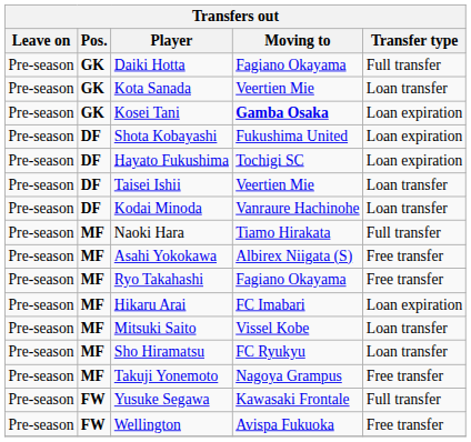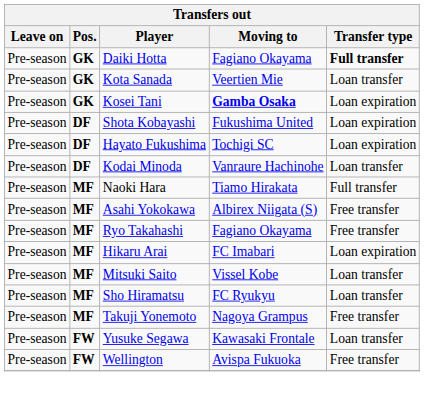 <table class="wikitable sortable" style=“text-align:left;>
 <tr>
 <th colspan="5">Transfers out</th>
 </tr>
 <tr>
 <th>Leave on</th>
 <th>Pos.</th>
 <th>Player</th>
 <th>Moving to</th>
 <th>Transfer type</th>
 </tr>
 <tr>
 <td>Pre-season</td>
 <td><strong>GK</strong></td>
 <td> <a href='#'>Daiki Hotta</a></td>
 <td> <a href='#'>Fagiano Okayama</a></td>
-<td>Full transfer</td>
+<td><strong>Full transfer</strong></td>
 </tr>
 <tr>
 <td>Pre-season</td>
 <td><strong>GK</strong></td>
 <td> <a href='#'>Kota Sanada</a></td>
 <td> <a href='#'>Veertien Mie</a></td>
 <td>Loan transfer</td>
 </tr>
 <tr>
 <td>Pre-season</td>
 <td><strong>GK</strong></td>
 <td> <a href='#'>Kosei Tani</a></td>
 <td><strong> <a href='#'>Gamba Osaka</a></strong></td>
 <td>Loan expiration</td>
 </tr>
 <tr>
 <td>Pre-season</td>
 <td><strong>DF</strong></td>
 <td> <a href='#'>Shota Kobayashi</a></td>
 <td> <a href='#'>Fukushima United</a></td>
 <td>Loan expiration</td>
 </tr>
 <tr>
 <td>Pre-season</td>
 <td><strong>DF</strong></td>
 <td> <a href='#'>Hayato Fukushima</a></td>
 <td> <a href='#'>Tochigi SC</a></td>
 <td>Loan expiration</td>
-</tr>
-<tr>
-<td>Pre-season</td>
-<td><strong>DF</strong></td>
-<td> <a href='#'>Taisei Ishii</a></td>
-<td> <a href='#'>Veertien Mie</a></td>
-<td>Loan transfer</td>
 </tr>
 <tr>
 <td>Pre-season</td>
 <td><strong>DF</strong></td>
 <td> <a href='#'>Kodai Minoda</a></td>
 <td> <a href='#'>Vanraure Hachinohe</a></td>
 <td>Loan transfer</td>
 </tr>
 <tr>
 <td>Pre-season</td>
 <td><strong>MF</strong></td>
 <td> Naoki Hara</td>
 <td> <a href='#'>Tiamo Hirakata</a></td>
 <td>Full transfer</td>
 </tr>
 <tr>
 <td>Pre-season</td>
 <td><strong>MF</strong></td>
 <td> <a href='#'>Asahi Yokokawa</a></td>
 <td> <a href='#'>Albirex Niigata (S)</a></td>
 <td>Free transfer</td>
 </tr>
 <tr>
 <td>Pre-season</td>
 <td><strong>MF</strong></td>
 <td> <a href='#'>Ryo Takahashi</a></td>
 <td> <a href='#'>Fagiano Okayama</a></td>
 <td>Free transfer</td>
 </tr>
 <tr>
 <td>Pre-season</td>
 <td><strong>MF</strong></td>
 <td> <a href='#'>Hikaru Arai</a></td>
 <td> <a href='#'>FC Imabari</a></td>
 <td>Loan expiration</td>
 </tr>
 <tr>
 <td>Pre-season</td>
 <td><strong>MF</strong></td>
 <td> <a href='#'>Mitsuki Saito</a></td>
 <td> <a href='#'>Vissel Kobe</a></td>
 <td>Loan transfer</td>
 </tr>
 <tr>
 <td>Pre-season</td>
 <td><strong>MF</strong></td>
 <td> <a href='#'>Sho Hiramatsu</a></td>
 <td> <a href='#'>FC Ryukyu</a></td>
 <td>Loan transfer</td>
 </tr>
 <tr>
 <td>Pre-season</td>
 <td><strong>MF</strong></td>
 <td> <a href='#'>Takuji Yonemoto</a></td>
 <td> <a href='#'>Nagoya Grampus</a></td>
 <td>Free transfer</td>
 </tr>
 <tr>
 <td>Pre-season</td>
 <td><strong>FW</strong></td>
 <td> <a href='#'>Yusuke Segawa</a></td>
 <td> <a href='#'>Kawasaki Frontale</a></td>
-<td>Full transfer</td>
+<td>Loan transfer</td>
 </tr>
 <tr>
 <td>Pre-season</td>
 <td><strong>FW</strong></td>
 <td> <a href='#'>Wellington</a></td>
 <td> <a href='#'>Avispa Fukuoka</a></td>
 <td>Free transfer</td>
 </tr>
 <tr>
 </tr>
 </table>
